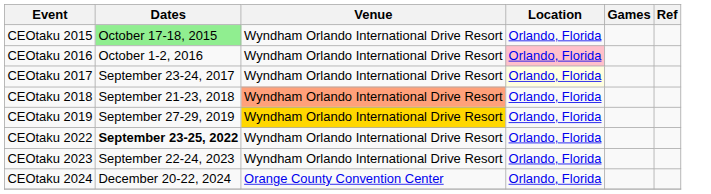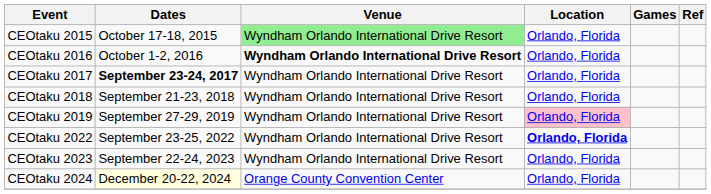 <table class="wikitable sortable">
 <tr>
 <th>Event</th>
 <th>Dates</th>
 <th>Venue</th>
 <th>Location</th>
 <th>Games</th>
 <th>Ref</th>
 </tr>
 <tr>
 <td>CEOtaku 2015</td>
-<td style="background: lightgreen;">October 17-18, 2015</td>
-<td>Wyndham Orlando International Drive Resort</td>
+<td>October 17-18, 2015</td>
+<td style="background: lightgreen;">Wyndham Orlando International Drive Resort</td>
 <td><a href='#'>Orlando, Florida</a></td>
 <td></td>
 <td></td>
 </tr>
 <tr>
 <td>CEOtaku 2016</td>
 <td>October 1-2, 2016</td>
-<td>Wyndham Orlando International Drive Resort</td>
-<td style="background: pink;"><a href='#'>Orlando, Florida</a></td>
+<td><strong>Wyndham Orlando International Drive Resort</strong></td>
+<td><a href='#'>Orlando, Florida</a></td>
 <td></td>
 </tr>
 <tr>
 <td>CEOtaku 2017</td>
-<td>September 23-24, 2017</td>
+<td><strong>September 23-24, 2017</strong></td>
 <td>Wyndham Orlando International Drive Resort</td>
-<td style="background: lightyellow;"><a href='#'>Orlando, Florida</a></td>
+<td><a href='#'>Orlando, Florida</a></td>
 <td></td>
 <td></td>
 </tr>
 <tr>
 <td>CEOtaku 2018</td>
 <td>September 21-23, 2018</td>
-<td style="background: lightsalmon;">Wyndham Orlando International Drive Resort</td>
+<td>Wyndham Orlando International Drive Resort</td>
 <td><a href='#'>Orlando, Florida</a></td>
 <td></td>
 <td></td>
 </tr>
 <tr>
 <td>CEOtaku 2019</td>
 <td>September 27-29, 2019</td>
-<td style="background: gold;">Wyndham Orlando International Drive Resort</td>
-<td><a href='#'>Orlando, Florida</a></td>
+<td>Wyndham Orlando International Drive Resort</td>
+<td style="background: pink;"><a href='#'>Orlando, Florida</a></td>
 <td></td>
 <td></td>
 </tr>
 <tr>
 <td>CEOtaku 2022</td>
-<td><strong>September 23-25, 2022</strong></td>
+<td>September 23-25, 2022</td>
 <td>Wyndham Orlando International Drive Resort</td>
-<td><a href='#'>Orlando, Florida</a></td>
+<td><strong><a href='#'>Orlando, Florida</a></strong></td>
 <td></td>
 <td></td>
 </tr>
 <tr>
 <td>CEOtaku 2023</td>
 <td>September 22-24, 2023</td>
 <td>Wyndham Orlando International Drive Resort</td>
 <td><a href='#'>Orlando, Florida</a></td>
 <td></td>
 <td></td>
 </tr>
 <tr>
 <td>CEOtaku 2024</td>
-<td>December 20-22, 2024</td>
+<td style="background: lightyellow;">December 20-22, 2024</td>
 <td><a href='#'>Orange County Convention Center</a></td>
 <td><a href='#'>Orlando, Florida</a></td>
 <td></td>
 <td></td>
 </tr>
 <tr>
 </tr>
 </table>
